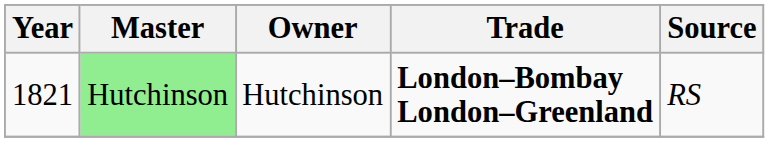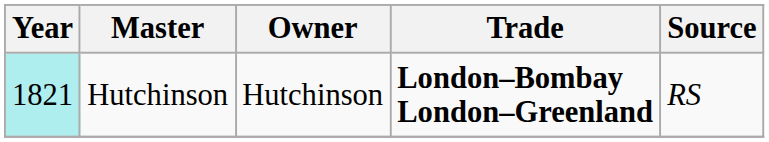 <table class=" wikitable">
 <tr>
 <th>Year</th>
 <th>Master</th>
 <th>Owner</th>
 <th>Trade</th>
 <th>Source</th>
 </tr>
 <tr>
-<td>1821</td>
-<td style="background: lightgreen;">Hutchinson</td>
+<td style="background: paleturquoise;">1821</td>
+<td>Hutchinson</td>
 <td>Hutchinson</td>
 <td><strong>London–Bombay<br>London–Greenland</strong></td>
 <td><em>RS</em></td>
 </tr>
 <tr>
 </tr>
 </table>
